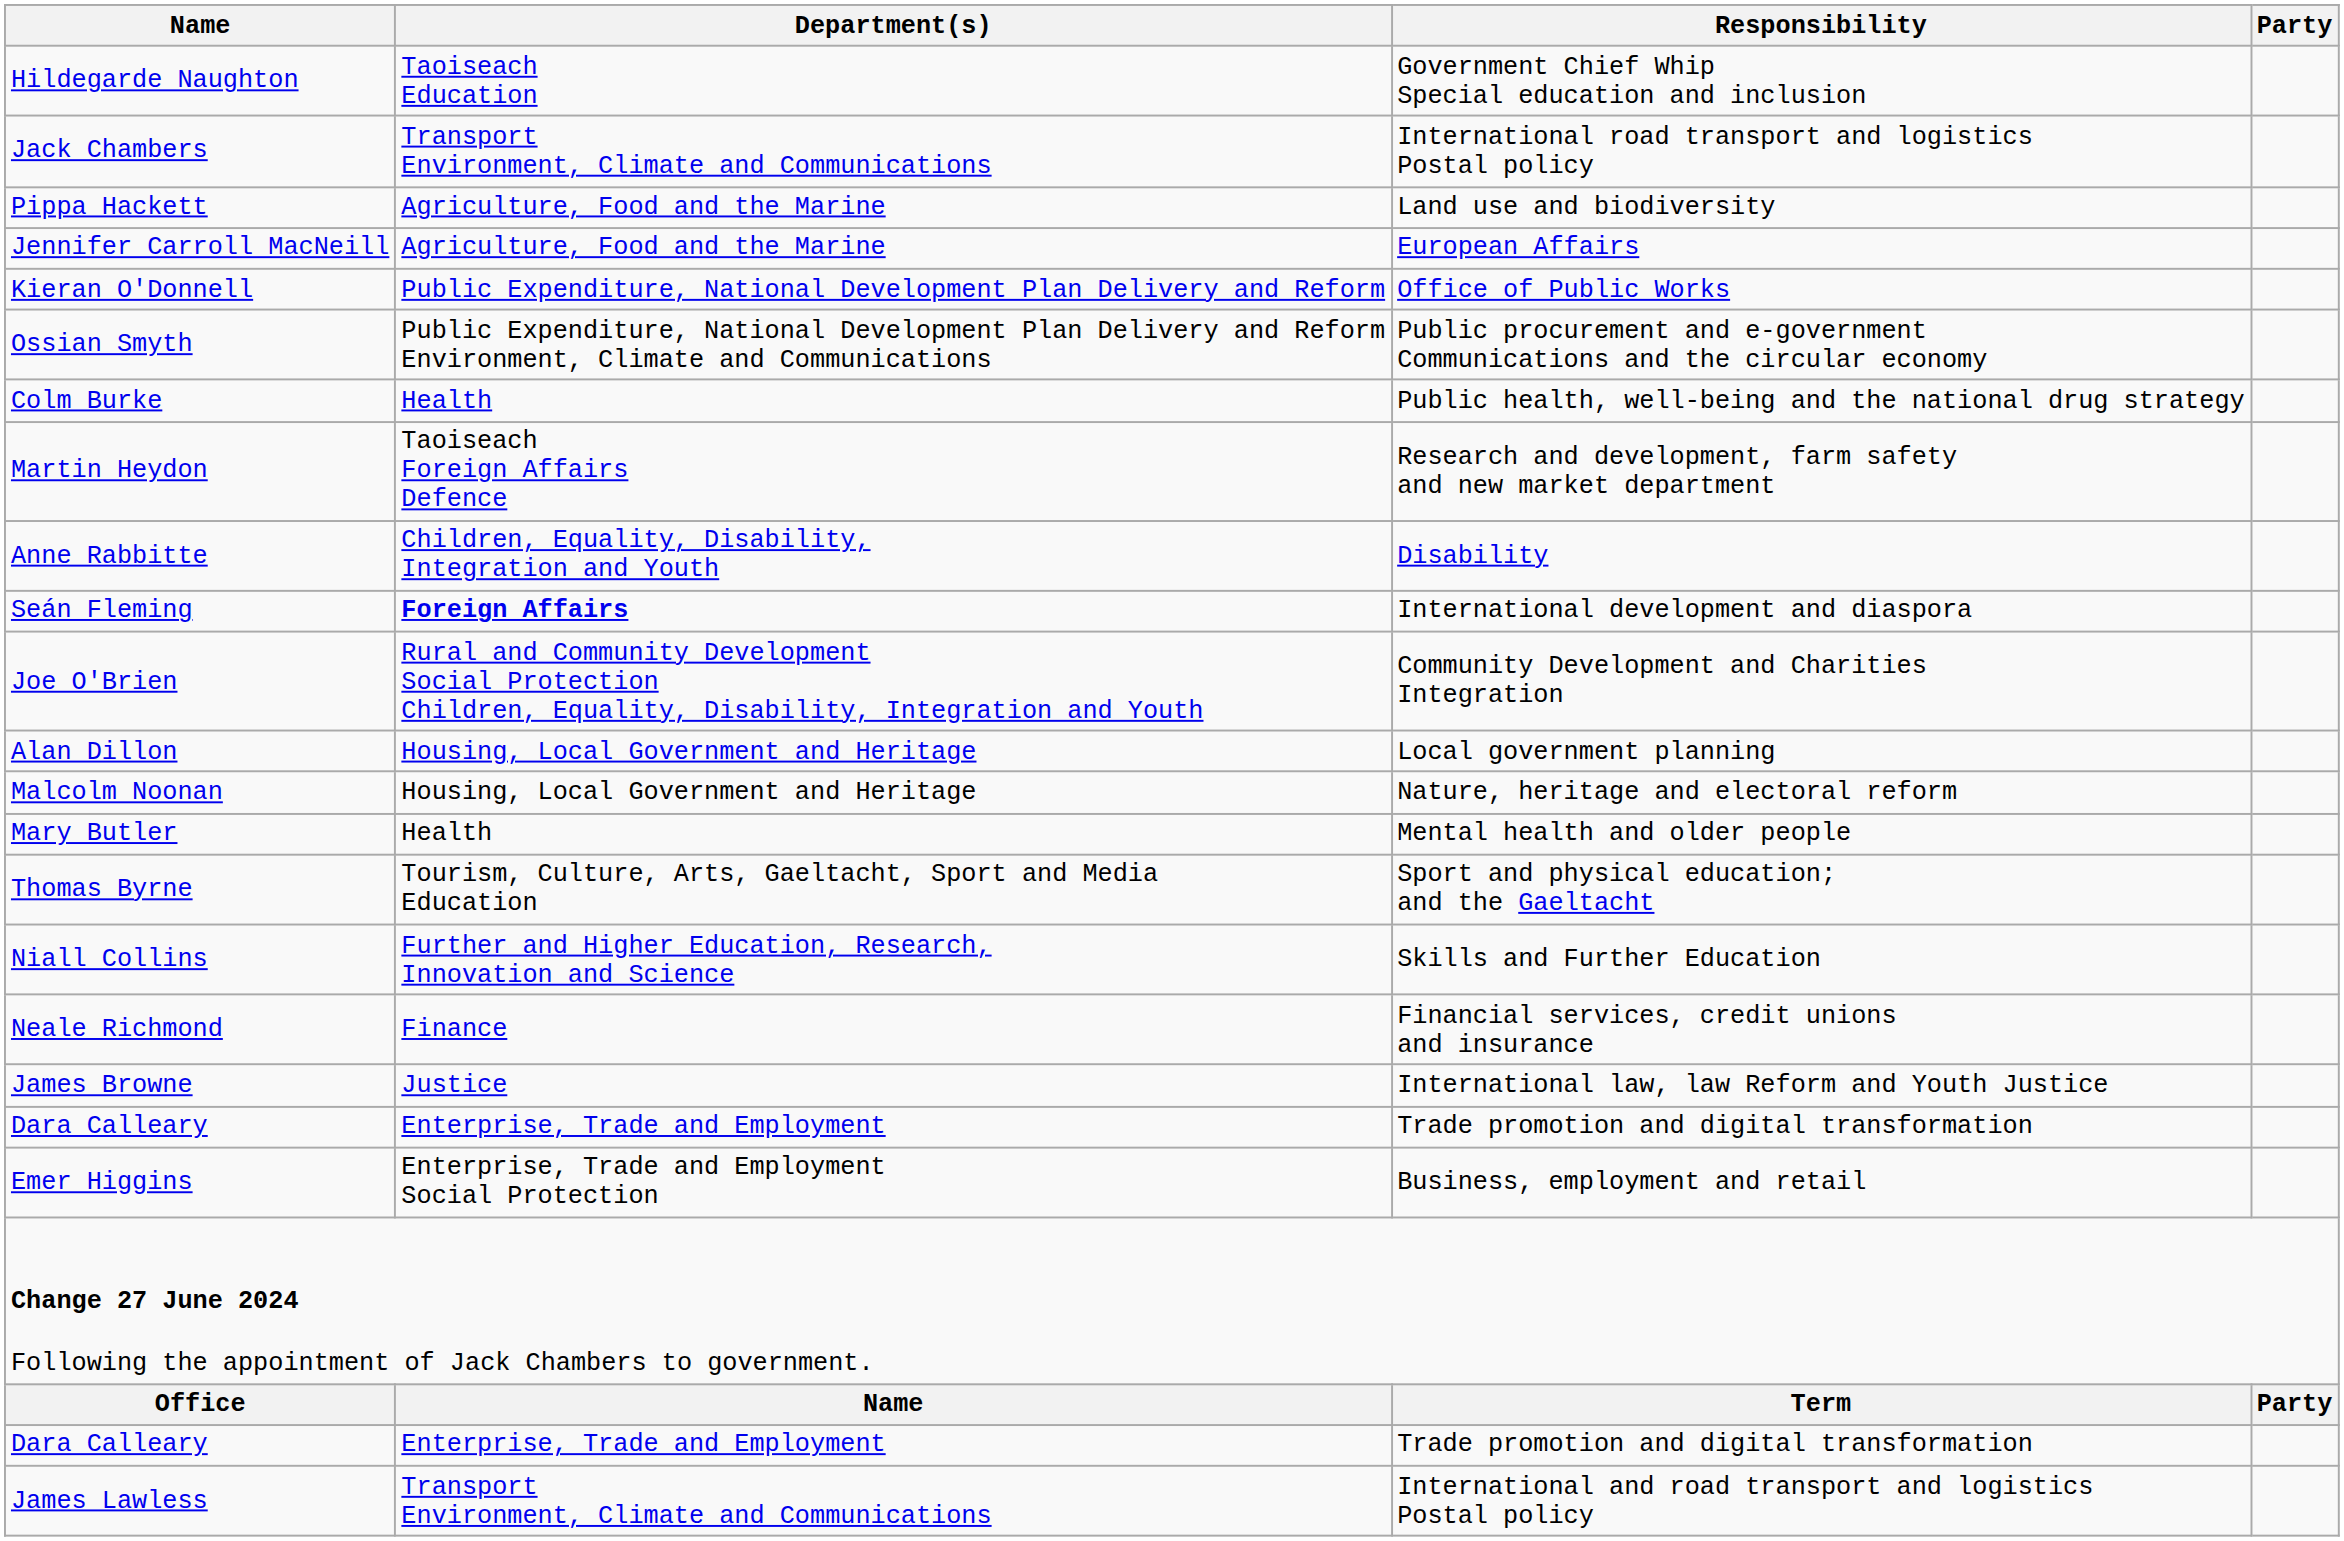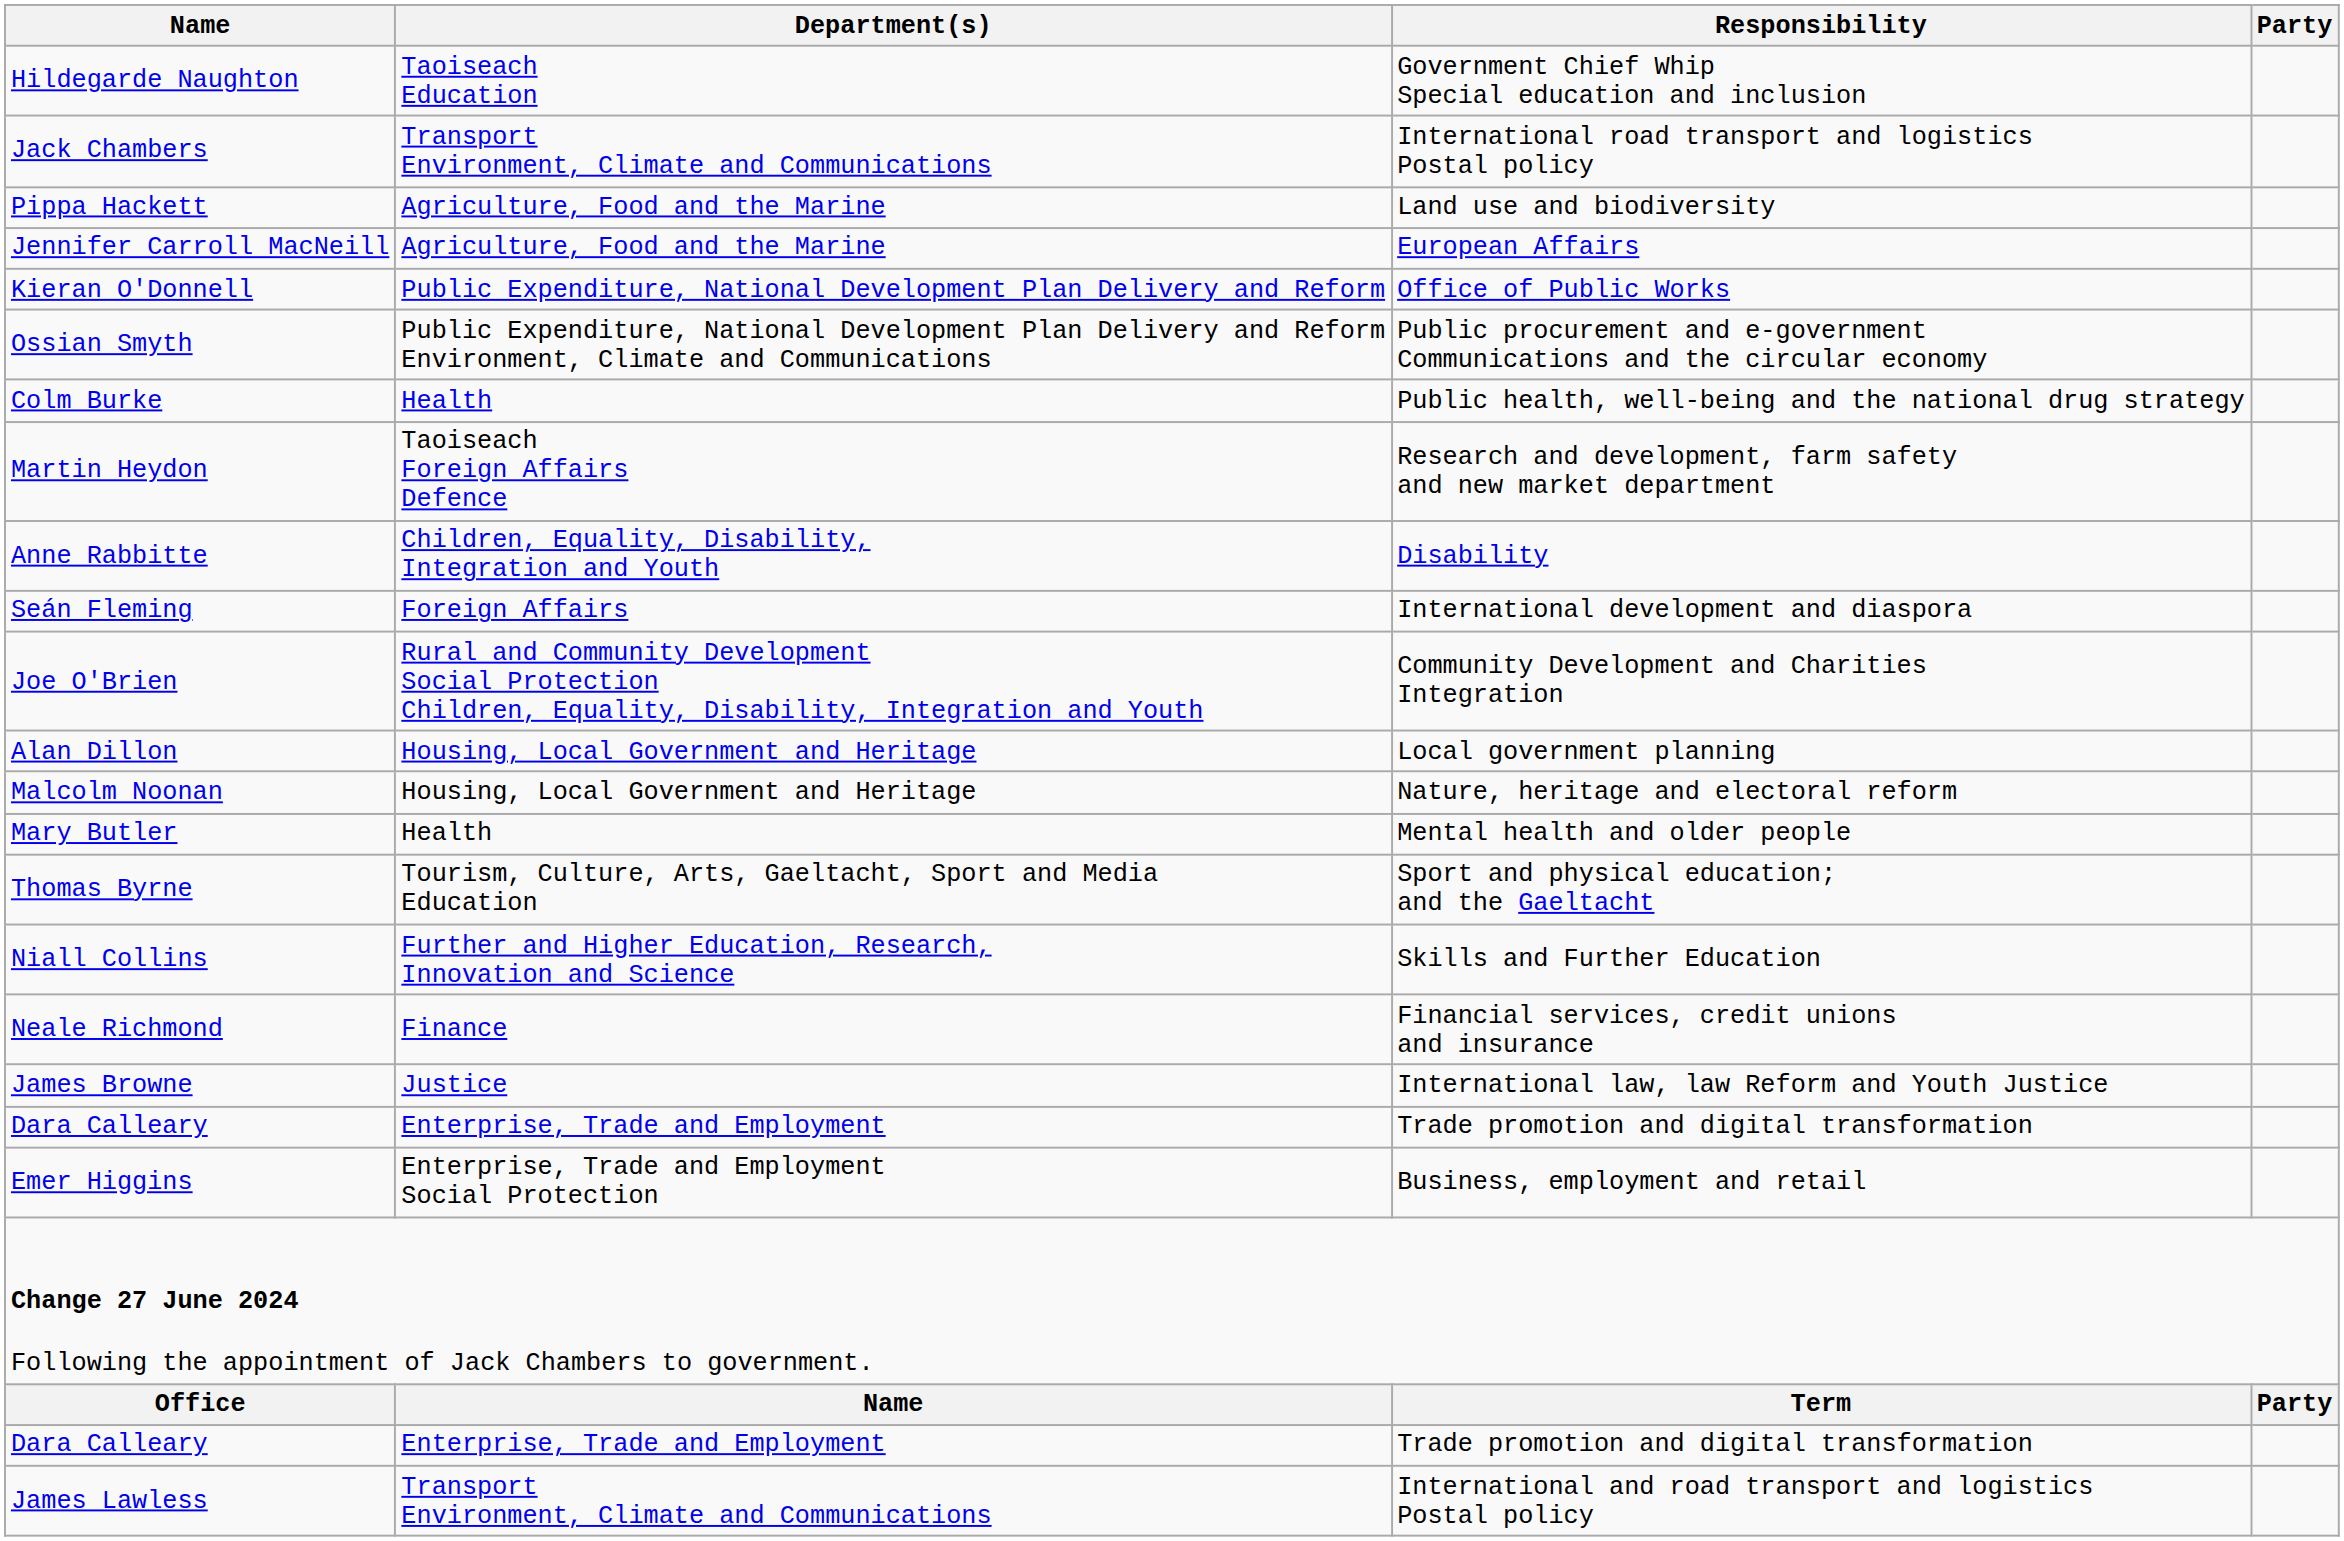 <table class="wikitable">
 <tr>
 <th>Name</th>
 <th>Department(s)</th>
 <th>Responsibility</th>
 <th colspan="2">Party</th>
 </tr>
 <tr>
 <td><a href='#'>Hildegarde Naughton</a><br></td>
 <td><a href='#'>Taoiseach</a><br><a href='#'>Education</a></td>
 <td>Government Chief Whip<br>Special education and inclusion</td>
 <td></td>
 </tr>
 <tr>
 <td><a href='#'>Jack Chambers</a><br></td>
 <td><a href='#'>Transport</a><br><a href='#'>Environment, Climate and Communications</a></td>
 <td>International road transport and logistics<br>Postal policy</td>
 <td></td>
 </tr>
 <tr>
 <td><a href='#'>Pippa Hackett</a><br></td>
 <td><a href='#'>Agriculture, Food and the Marine</a></td>
 <td>Land use and biodiversity</td>
 <td></td>
 </tr>
 <tr>
 <td><a href='#'>Jennifer Carroll MacNeill</a></td>
 <td><a href='#'>Agriculture, Food and the Marine</a></td>
 <td><a href='#'>European Affairs</a></td>
 <td></td>
 </tr>
 <tr>
 <td><a href='#'>Kieran O'Donnell</a></td>
 <td><a href='#'>Public Expenditure, National Development Plan Delivery and Reform</a></td>
 <td><a href='#'>Office of Public Works</a></td>
 <td></td>
 </tr>
 <tr>
 <td><a href='#'>Ossian Smyth</a></td>
 <td>Public Expenditure, National Development Plan Delivery and Reform<br>Environment, Climate and Communications</td>
 <td>Public procurement and e-government<br>Communications and the circular economy</td>
 <td></td>
 </tr>
 <tr>
 <td><a href='#'>Colm Burke</a></td>
 <td><a href='#'>Health</a></td>
 <td>Public health, well-being and the national drug strategy</td>
 <td></td>
 </tr>
 <tr>
 <td><a href='#'>Martin Heydon</a></td>
 <td>Taoiseach<br><a href='#'>Foreign Affairs</a><br><a href='#'>Defence</a></td>
 <td>Research and development, farm safety<br>and new market department</td>
 <td></td>
 </tr>
 <tr>
 <td><a href='#'>Anne Rabbitte</a></td>
 <td><a href='#'>Children, Equality, Disability,<br>Integration and Youth</a></td>
 <td><a href='#'>Disability</a></td>
 <td></td>
 </tr>
 <tr>
 <td><a href='#'>Seán Fleming</a></td>
-<td><strong><a href='#'>Foreign Affairs</a></strong></td>
+<td><a href='#'>Foreign Affairs</a></td>
 <td>International development and diaspora</td>
 <td></td>
 </tr>
 <tr>
 <td><a href='#'>Joe O'Brien</a></td>
 <td><a href='#'>Rural and Community Development</a><br><a href='#'>Social Protection</a><br><a href='#'>Children, Equality, Disability, Integration and Youth</a></td>
 <td>Community Development and Charities<br>Integration</td>
 <td></td>
 </tr>
 <tr>
 <td><a href='#'>Alan Dillon</a></td>
 <td><a href='#'>Housing, Local Government and Heritage</a></td>
 <td>Local government planning</td>
 <td></td>
 </tr>
 <tr>
 <td><a href='#'>Malcolm Noonan</a></td>
 <td>Housing, Local Government and Heritage</td>
 <td>Nature, heritage and electoral reform</td>
 <td></td>
 </tr>
 <tr>
 <td><a href='#'>Mary Butler</a></td>
 <td>Health</td>
 <td>Mental health and older people</td>
 <td></td>
 </tr>
 <tr>
 <td><a href='#'>Thomas Byrne</a></td>
 <td>Tourism, Culture, Arts, Gaeltacht, Sport and Media<br>Education</td>
 <td>Sport and physical education;<br>and the <a href='#'>Gaeltacht</a></td>
 <td></td>
 </tr>
 <tr>
 <td><a href='#'>Niall Collins</a></td>
 <td><a href='#'>Further and Higher Education, Research,<br>Innovation and Science</a></td>
 <td>Skills and Further Education</td>
 <td></td>
 </tr>
 <tr>
 <td><a href='#'>Neale Richmond</a></td>
 <td><a href='#'>Finance</a></td>
 <td>Financial services, credit unions<br>and insurance</td>
 <td></td>
 </tr>
 <tr>
 <td><a href='#'>James Browne</a></td>
 <td><a href='#'>Justice</a></td>
 <td>International law, law Reform and Youth Justice</td>
 <td></td>
 </tr>
 <tr>
 <td><a href='#'>Dara Calleary</a></td>
 <td><a href='#'>Enterprise, Trade and Employment</a></td>
 <td>Trade promotion and digital transformation</td>
 <td></td>
 </tr>
 <tr>
 <td><a href='#'>Emer Higgins</a></td>
 <td>Enterprise, Trade and Employment<br>Social Protection</td>
 <td>Business, employment and retail</td>
 <td></td>
 </tr>
 <tr>
 <td colspan="5"><br><h4>Change 27 June 2024</h4>Following the appointment of Jack Chambers to government.</td>
 </tr>
 <tr>
 <th>Office</th>
 <th>Name</th>
 <th>Term</th>
 <th colspan="2">Party</th>
 </tr>
 <tr>
 <td><a href='#'>Dara Calleary</a><br></td>
 <td><a href='#'>Enterprise, Trade and Employment</a></td>
 <td>Trade promotion and digital transformation</td>
 <td></td>
 </tr>
 <tr>
 <td><a href='#'>James Lawless</a></td>
 <td><a href='#'>Transport</a><br><a href='#'>Environment, Climate and Communications</a></td>
 <td>International and road transport and logistics<br>Postal policy</td>
 <td></td>
 </tr>
 </table>
